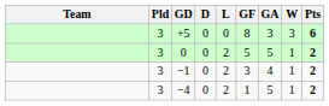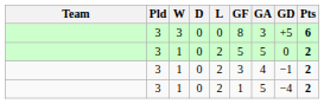 <table class="wikitable" style="text-align: center;">
 <tr>
 <th width=185>Team</th>
 <th width=20>Pld</th>
-<th width=20>GD</th>
+<th width=20>W</th>
 <th width=20>D</th>
 <th width=20>L</th>
 <th width=20>GF</th>
 <th width=20>GA</th>
-<th width=20>W</th>
+<th width=20>GD</th>
 <th width=20>Pts</th>
 </tr>
 <tr style="background:#cfc;">
 <td align=left></td>
 <td>3</td>
-<td>+5</td>
+<td>3</td>
 <td>0</td>
 <td>0</td>
 <td>8</td>
 <td>3</td>
-<td>3</td>
+<td>+5</td>
 <td><strong>6</strong></td>
 </tr>
 <tr style="background:#cfc;">
 <td align=left></td>
 <td>3</td>
-<td>0</td>
+<td>1</td>
 <td>0</td>
 <td>2</td>
 <td>5</td>
 <td>5</td>
-<td>1</td>
+<td>0</td>
 <td><strong>2</strong></td>
 </tr>
 <tr>
 <td align=left></td>
 <td>3</td>
-<td>−1</td>
+<td>1</td>
 <td>0</td>
 <td>2</td>
 <td>3</td>
 <td>4</td>
-<td>1</td>
+<td>−1</td>
 <td><strong>2</strong></td>
 </tr>
 <tr>
 <td align=left></td>
 <td>3</td>
-<td>−4</td>
+<td>1</td>
 <td>0</td>
 <td>2</td>
 <td>1</td>
 <td>5</td>
-<td>1</td>
+<td>−4</td>
 <td><strong>2</strong></td>
 </tr>
 </table>
